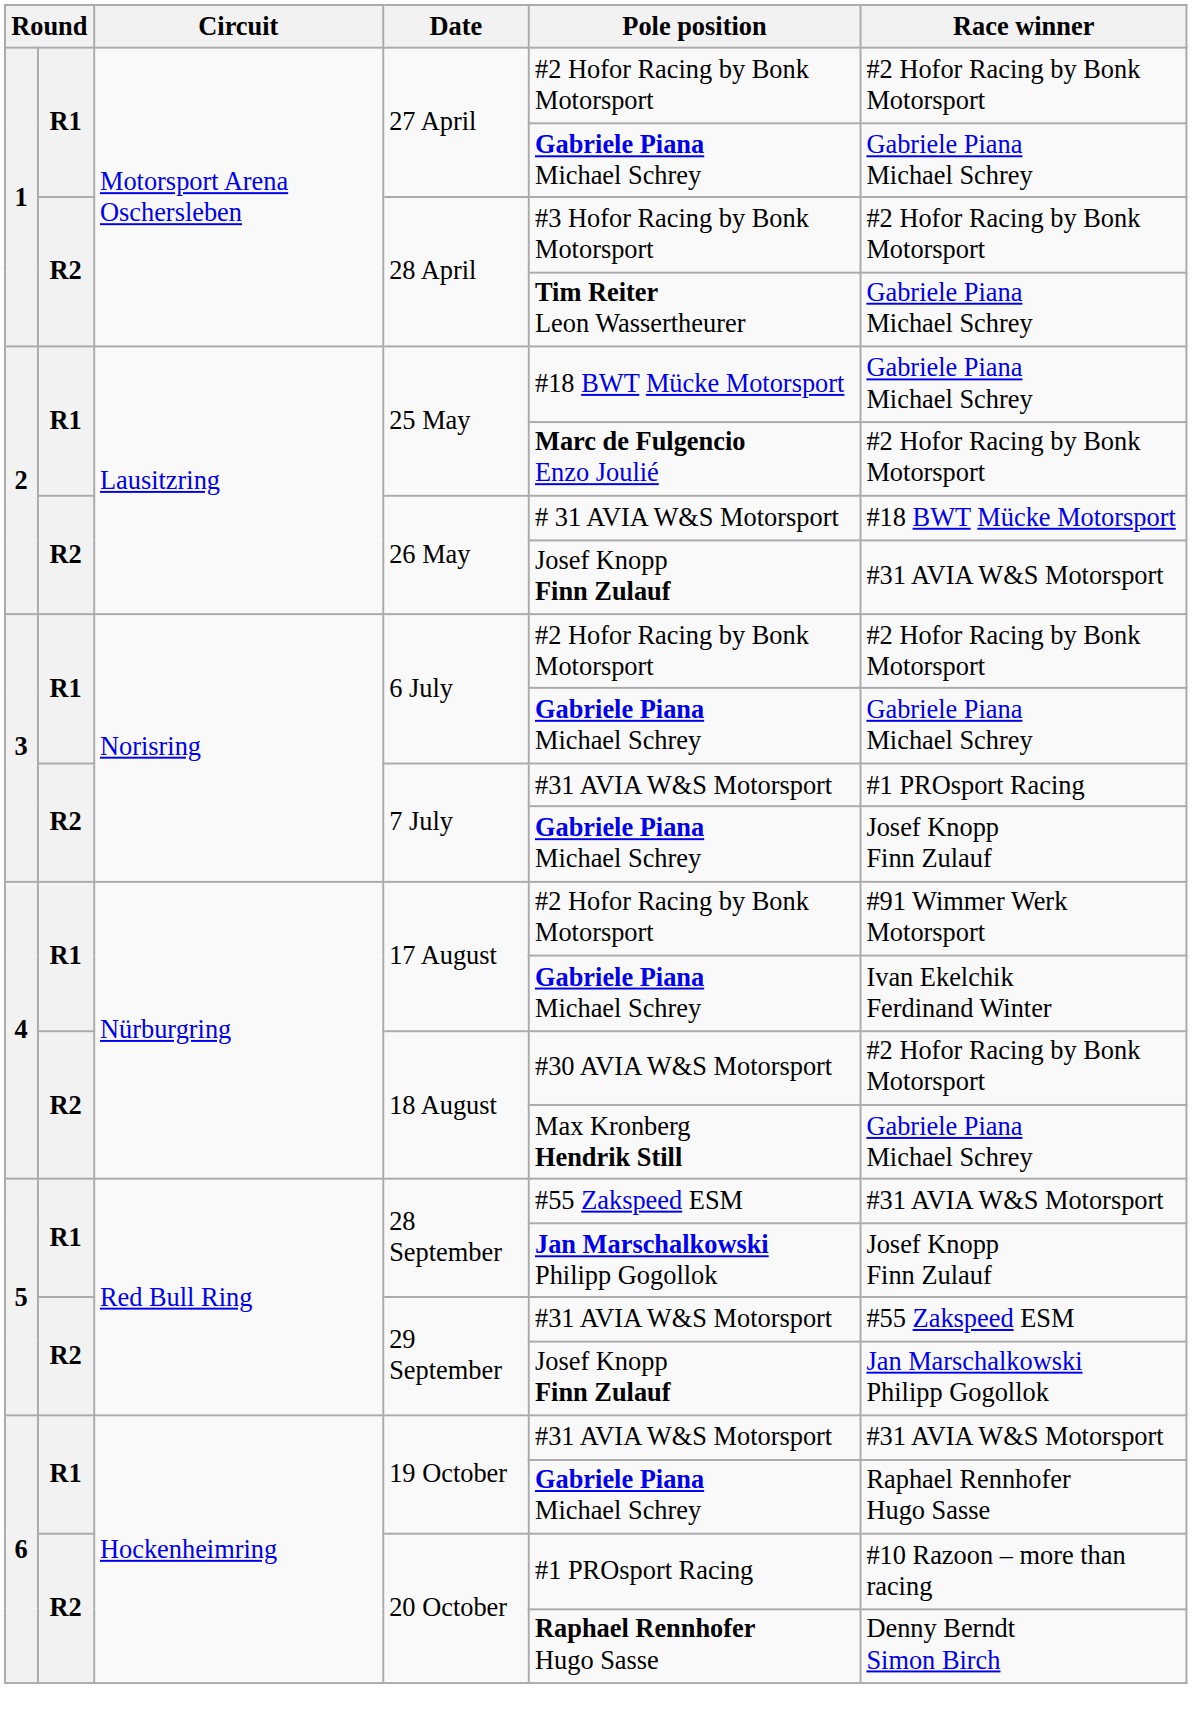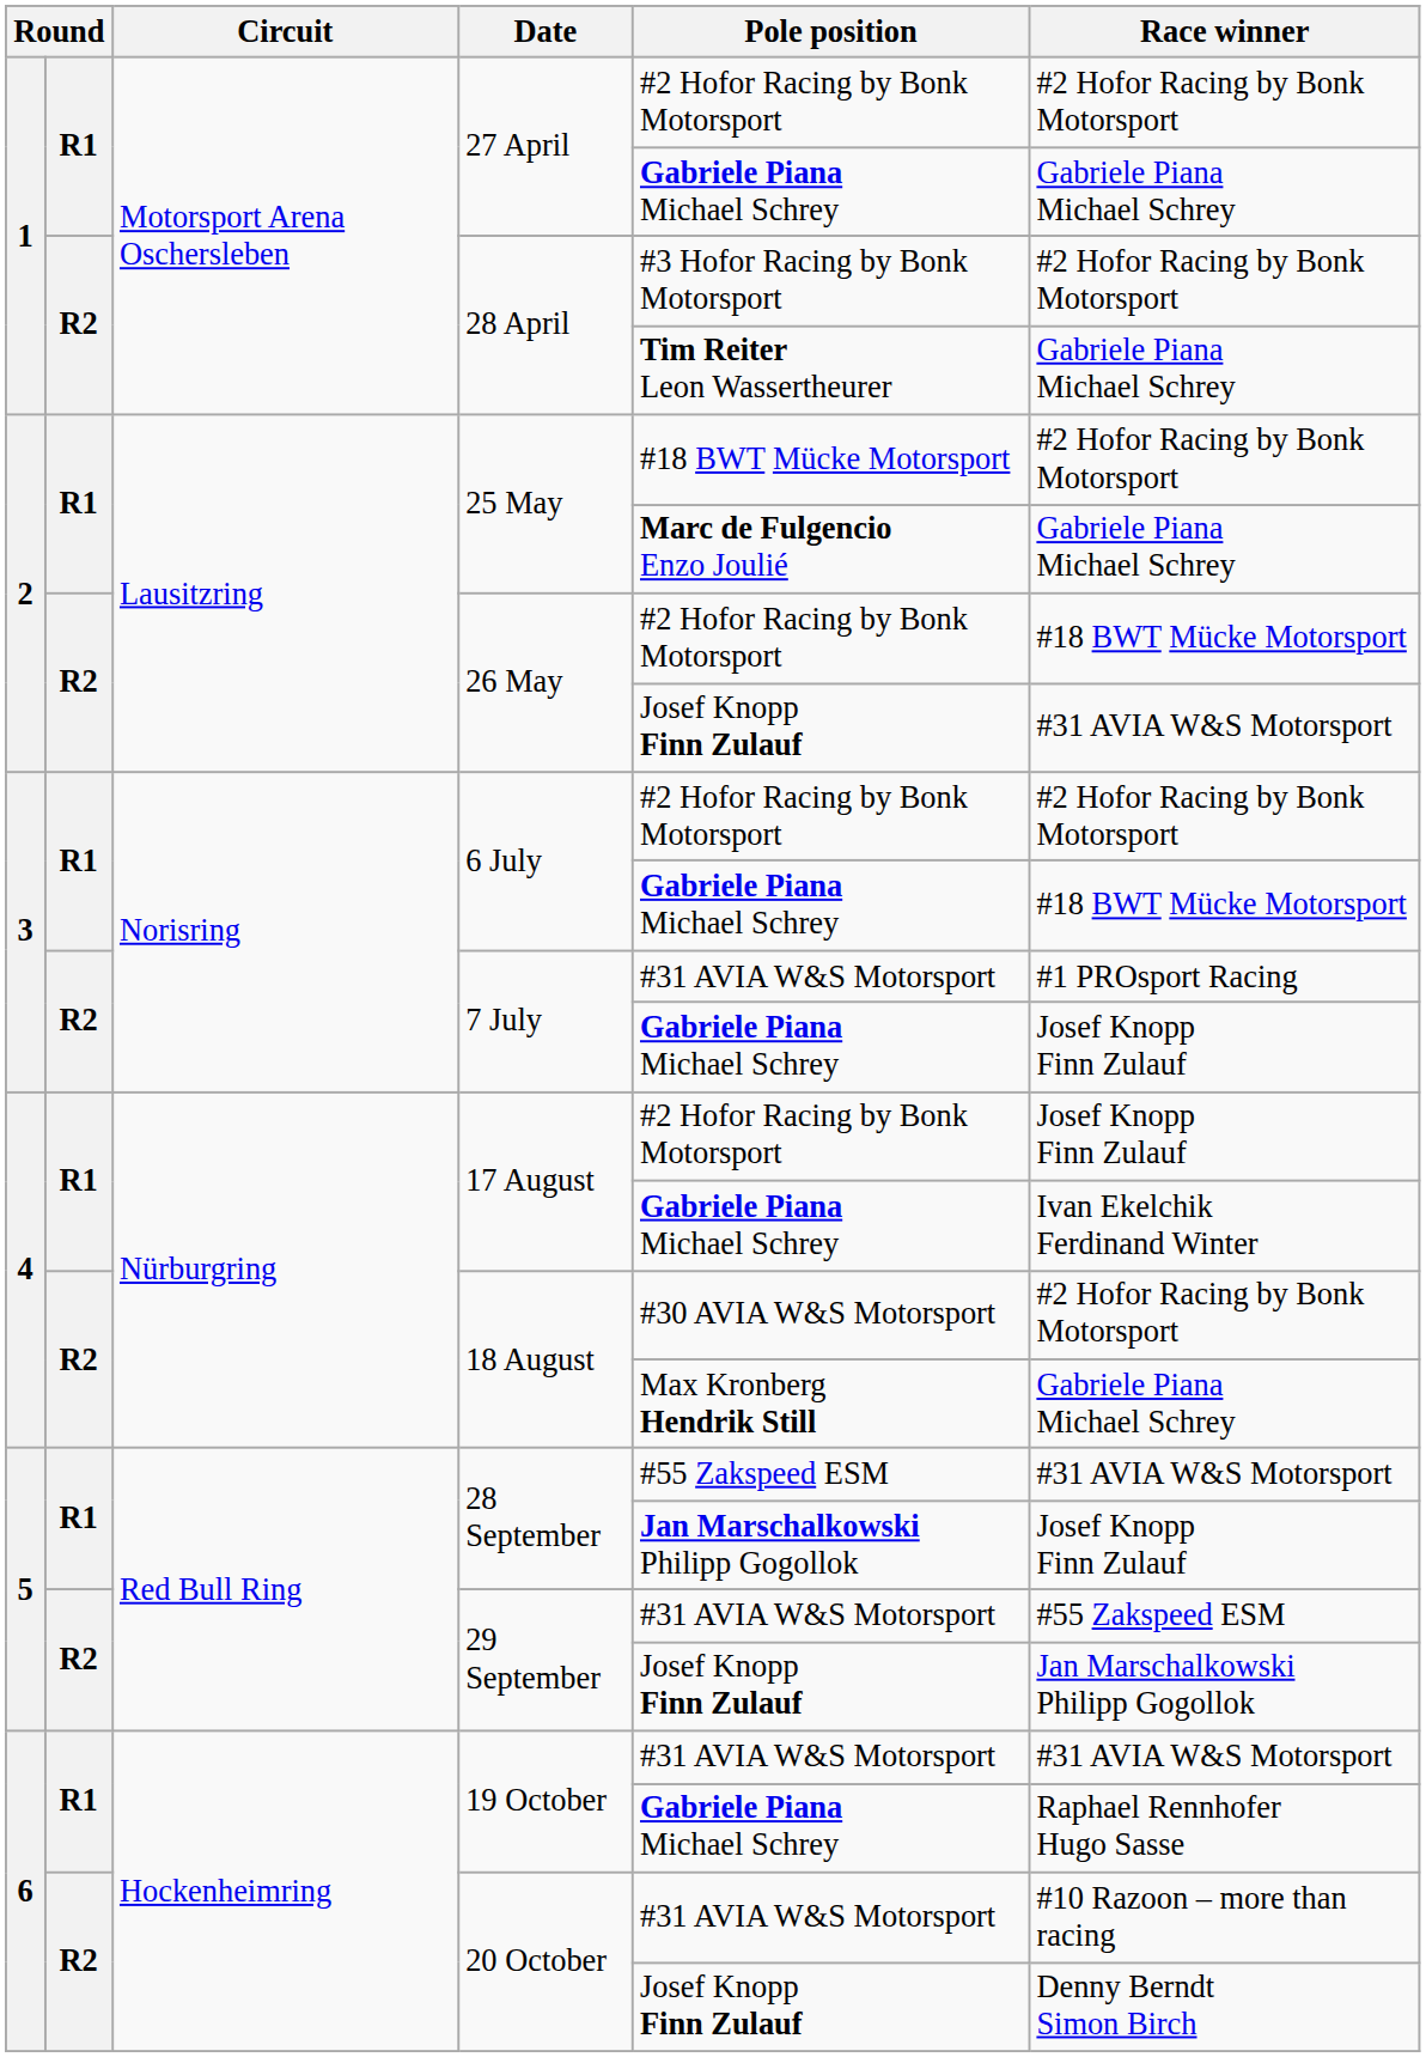 <table class="wikitable" style="font-size: 85%;">
 <tr>
 <th colspan="2">Round</th>
 <th>Circuit</th>
 <th>Date</th>
 <th>Pole position</th>
 <th>Race winner</th>
 </tr>
 <tr>
 <th rowspan="4">1</th>
 <th rowspan="2">R1</th>
 <td rowspan="4"> <a href='#'>Motorsport Arena Oschersleben</a></td>
 <td rowspan="2">27 April</td>
 <td> #2 Hofor Racing by Bonk Motorsport</td>
 <td> #2 Hofor Racing by Bonk Motorsport</td>
 </tr>
 <tr>
 <td><strong> <a href='#'>Gabriele Piana</a></strong><br> Michael Schrey</td>
 <td> <a href='#'>Gabriele Piana</a><br> Michael Schrey</td>
 </tr>
 <tr>
 <th rowspan="2">R2</th>
 <td rowspan="2">28 April</td>
 <td> #3 Hofor Racing by Bonk Motorsport</td>
 <td> #2 Hofor Racing by Bonk Motorsport</td>
 </tr>
 <tr>
 <td><strong> Tim Reiter</strong><br> Leon Wassertheurer</td>
 <td> <a href='#'>Gabriele Piana</a><br> Michael Schrey</td>
 </tr>
 <tr>
 <th rowspan="4">2</th>
 <th rowspan="2">R1</th>
 <td rowspan="4"> <a href='#'>Lausitzring</a></td>
 <td rowspan="2">25 May</td>
 <td> #18 <a href='#'>BWT</a> <a href='#'>Mücke Motorsport</a></td>
-<td> <a href='#'>Gabriele Piana</a><br> Michael Schrey</td>
+<td> #2 Hofor Racing by Bonk Motorsport</td>
 </tr>
 <tr>
 <td><strong> Marc de Fulgencio</strong><br> <a href='#'>Enzo Joulié</a></td>
-<td> #2 Hofor Racing by Bonk Motorsport</td>
+<td> <a href='#'>Gabriele Piana</a><br> Michael Schrey</td>
 </tr>
 <tr>
 <th rowspan="2">R2</th>
 <td rowspan="2">26 May</td>
-<td> # 31 AVIA W&S Motorsport</td>
+<td> #2 Hofor Racing by Bonk Motorsport</td>
 <td> #18 <a href='#'>BWT</a> <a href='#'>Mücke Motorsport</a></td>
 </tr>
 <tr>
 <td> Josef Knopp<br><strong> Finn Zulauf</strong></td>
 <td> #31 AVIA W&S Motorsport</td>
 </tr>
 <tr>
 <th rowspan="4">3</th>
 <th rowspan="2">R1</th>
 <td rowspan="4"> <a href='#'>Norisring</a></td>
 <td rowspan="2">6 July</td>
 <td> #2 Hofor Racing by Bonk Motorsport</td>
 <td> #2 Hofor Racing by Bonk Motorsport</td>
 </tr>
 <tr>
 <td><strong> <a href='#'>Gabriele Piana</a></strong><br> Michael Schrey</td>
-<td> <a href='#'>Gabriele Piana</a><br> Michael Schrey</td>
+<td> #18 <a href='#'>BWT</a> <a href='#'>Mücke Motorsport</a></td>
 </tr>
 <tr>
 <th rowspan="2">R2</th>
 <td rowspan="2">7 July</td>
 <td> #31 AVIA W&S Motorsport</td>
 <td> #1 PROsport Racing</td>
 </tr>
 <tr>
 <td><strong> <a href='#'>Gabriele Piana</a></strong><br> Michael Schrey</td>
 <td> Josef Knopp<br> Finn Zulauf</td>
 </tr>
 <tr>
 <th rowspan="4">4</th>
 <th rowspan="2">R1</th>
 <td rowspan="4"> <a href='#'>Nürburgring</a></td>
 <td rowspan="2">17 August</td>
 <td> #2 Hofor Racing by Bonk Motorsport</td>
-<td> #91 Wimmer Werk Motorsport</td>
+<td> Josef Knopp<br> Finn Zulauf</td>
 </tr>
 <tr>
 <td><strong> <a href='#'>Gabriele Piana</a></strong><br> Michael Schrey</td>
 <td> Ivan Ekelchik<br> Ferdinand Winter</td>
 </tr>
 <tr>
 <th rowspan="2">R2</th>
 <td rowspan="2">18 August</td>
 <td> #30 AVIA W&S Motorsport</td>
 <td> #2 Hofor Racing by Bonk Motorsport</td>
 </tr>
 <tr>
 <td> Max Kronberg<br><strong> Hendrik Still</strong></td>
 <td> <a href='#'>Gabriele Piana</a><br> Michael Schrey</td>
 </tr>
 <tr>
 <th rowspan="4">5</th>
 <th rowspan="2">R1</th>
 <td rowspan="4"> <a href='#'>Red Bull Ring</a></td>
 <td rowspan="2">28 September</td>
 <td> #55 <a href='#'>Zakspeed</a> ESM</td>
 <td> #31 AVIA W&S Motorsport</td>
 </tr>
 <tr>
 <td><strong> <a href='#'>Jan Marschalkowski</a></strong><br> Philipp Gogollok</td>
 <td> Josef Knopp<br> Finn Zulauf</td>
 </tr>
 <tr>
 <th rowspan="2">R2</th>
 <td rowspan="2">29 September</td>
 <td> #31 AVIA W&S Motorsport</td>
 <td> #55 <a href='#'>Zakspeed</a> ESM</td>
 </tr>
 <tr>
 <td> Josef Knopp<br><strong> Finn Zulauf</strong></td>
 <td><strong></strong> <a href='#'>Jan Marschalkowski</a><br> Philipp Gogollok</td>
 </tr>
 <tr>
 <th rowspan="4">6</th>
 <th rowspan="2">R1</th>
 <td rowspan="4"> <a href='#'>Hockenheimring</a></td>
 <td rowspan="2">19 October</td>
 <td> #31 AVIA W&S Motorsport</td>
 <td> #31 AVIA W&S Motorsport</td>
 </tr>
 <tr>
 <td><strong> <a href='#'>Gabriele Piana</a></strong><br> Michael Schrey</td>
 <td> Raphael Rennhofer<br> Hugo Sasse</td>
 </tr>
 <tr>
 <th rowspan="2">R2</th>
 <td rowspan="2">20 October</td>
-<td> #1 PROsport Racing</td>
+<td> #31 AVIA W&S Motorsport</td>
 <td> #10 Razoon – more than racing</td>
 </tr>
 <tr>
-<td> <strong>Raphael Rennhofer</strong><br> Hugo Sasse</td>
+<td> Josef Knopp<br><strong> Finn Zulauf</strong></td>
 <td> Denny Berndt<br> <a href='#'>Simon Birch</a></td>
 </tr>
 </table>
